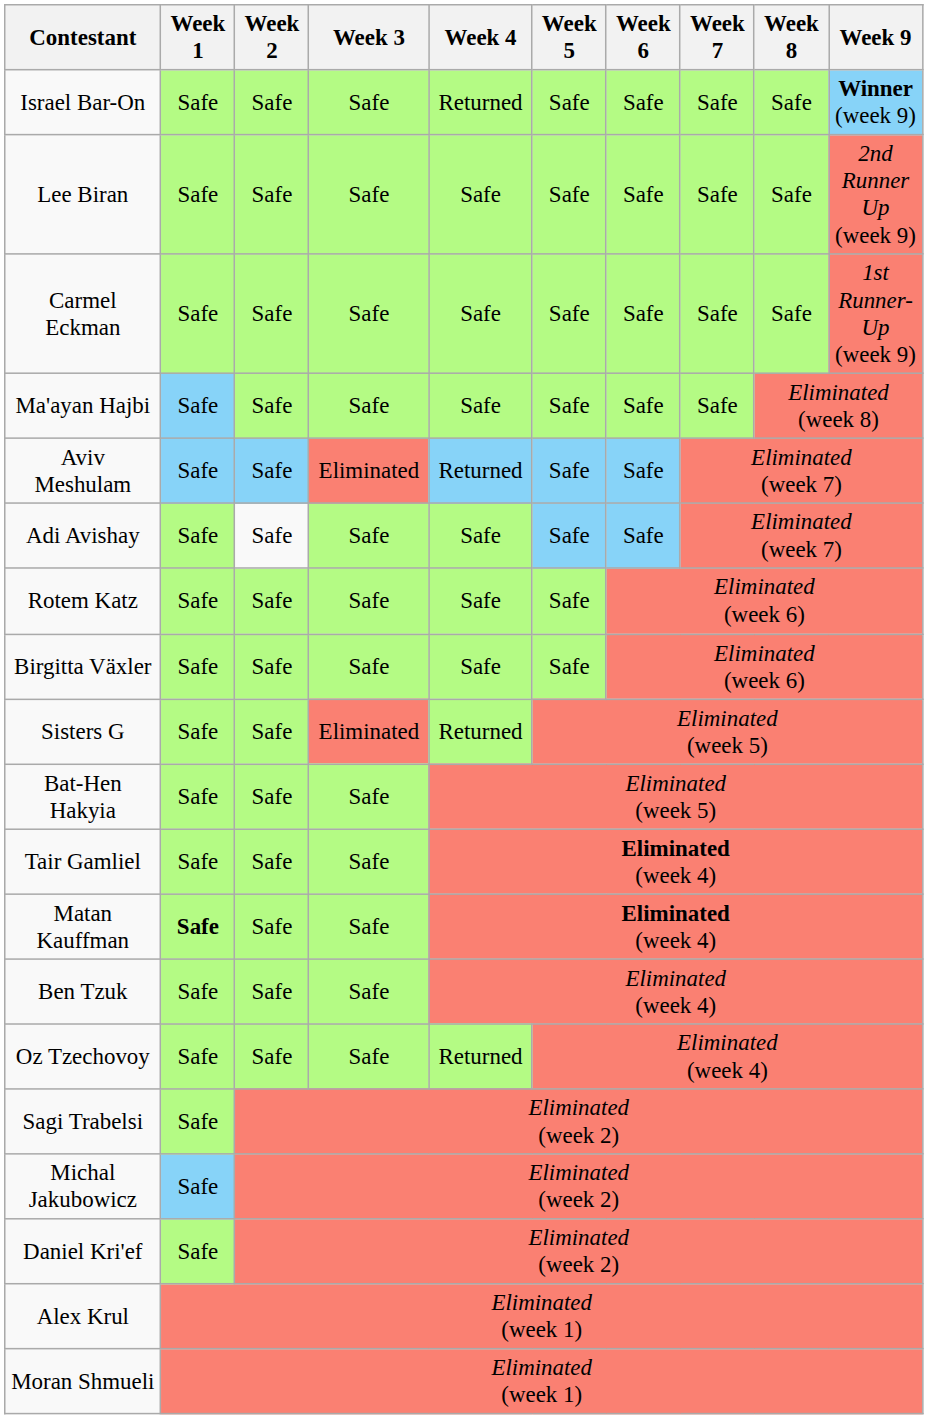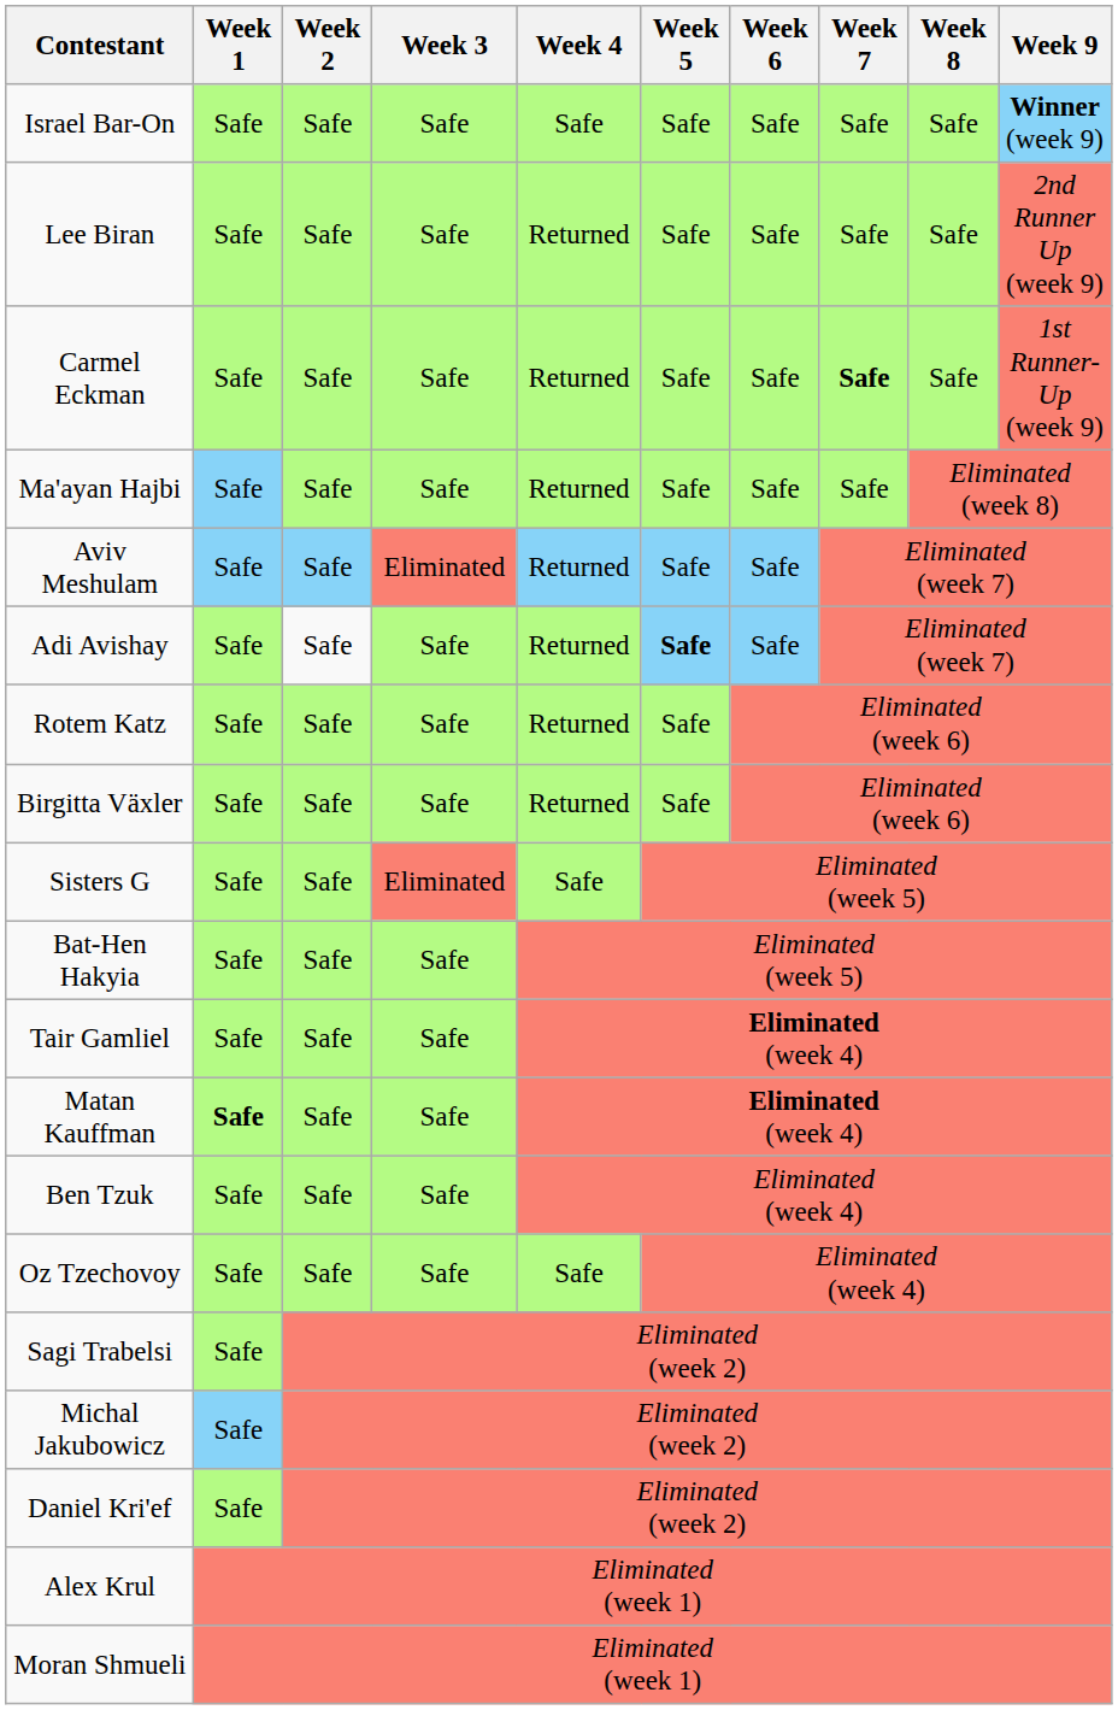 <table class="wikitable" style="text-align:center; font-size:95%">
 <tr>
 <th style="width:15%">Contestant</th>
 <th style="width:7%">Week 1</th>
 <th style="width:7%">Week 2</th>
 <th style="width:7%">Week 3</th>
 <th style="width:7%">Week 4</th>
 <th style="width:7%">Week 5</th>
 <th style="width:7%">Week 6</th>
 <th style="width:7%">Week 7</th>
 <th style="width:7%">Week 8</th>
 <th style="width:7%">Week 9</th>
 </tr>
 <tr>
 <td>Israel Bar-On</td>
 <td style="background:#B4FB84">Safe</td>
 <td style="background:#B4FB84">Safe</td>
 <td style="background:#B4FB84">Safe</td>
-<td style="background:#B4FB84">Returned</td>
+<td style="background:#B4FB84">Safe</td>
 <td style="background:#B4FB84">Safe</td>
 <td style="background:#B4FB84">Safe</td>
 <td style="background:#B4FB84">Safe</td>
 <td style="background:#B4FB84">Safe</td>
 <td style="background:#87D3F8" colspan=2><strong>Winner</strong><br>(week 9)</td>
 </tr>
 <tr>
 <td>Lee Biran</td>
 <td style="background:#B4FB84">Safe</td>
 <td style="background:#B4FB84">Safe</td>
 <td style="background:#B4FB84">Safe</td>
-<td style="background:#B4FB84">Safe</td>
+<td style="background:#B4FB84">Returned</td>
 <td style="background:#B4FB84">Safe</td>
 <td style="background:#B4FB84">Safe</td>
 <td style="background:#B4FB84">Safe</td>
 <td style="background:#B4FB84">Safe</td>
 <td style="background:#FA8072" colspan=2><em>2nd Runner Up</em><br>(week 9)</td>
 </tr>
 <tr>
 <td>Carmel Eckman</td>
 <td style="background:#B4FB84">Safe</td>
 <td style="background:#B4FB84">Safe</td>
 <td style="background:#B4FB84">Safe</td>
+<td style="background:#B4FB84">Returned</td>
 <td style="background:#B4FB84">Safe</td>
 <td style="background:#B4FB84">Safe</td>
-<td style="background:#B4FB84">Safe</td>
-<td style="background:#B4FB84">Safe</td>
+<td style="background:#B4FB84"><strong>Safe</strong></td>
 <td style="background:#B4FB84">Safe</td>
 <td style="background:#FA8072" colspan=2><em>1st Runner-Up</em><br>(week 9)</td>
 </tr>
 <tr>
 <td>Ma'ayan Hajbi</td>
 <td style="background:#87D3F8">Safe</td>
 <td style="background:#B4FB84">Safe</td>
 <td style="background:#B4FB84">Safe</td>
-<td style="background:#B4FB84">Safe</td>
+<td style="background:#B4FB84">Returned</td>
 <td style="background:#B4FB84">Safe</td>
 <td style="background:#B4FB84">Safe</td>
 <td style="background:#B4FB84">Safe</td>
 <td style="background:#FA8072" colspan=3><em>Eliminated</em><br>(week 8)</td>
 </tr>
 <tr>
 <td>Aviv Meshulam</td>
 <td style="background:#87D3F8">Safe</td>
 <td style="background:#87D3F8">Safe</td>
 <td style="background:#FA8072">Eliminated</td>
 <td style="background:#87D3F8">Returned</td>
 <td style="background:#87D3F8">Safe</td>
 <td style="background:#87D3F8">Safe</td>
 <td style="background:#FA8072" colspan=4><em>Eliminated</em><br>(week 7)</td>
 </tr>
 <tr>
 <td>Adi Avishay</td>
 <td style="background:#B4FB84">Safe</td>
 <td style="background:">Safe</td>
 <td style="background:#B4FB84">Safe</td>
-<td style="background:#B4FB84">Safe</td>
-<td style="background:#87D3F8">Safe</td>
+<td style="background:#B4FB84">Returned</td>
+<td style="background:#87D3F8"><strong>Safe</strong></td>
 <td style="background:#87D3F8">Safe</td>
 <td style="background:#FA8072" colspan=4><em>Eliminated</em><br>(week 7)</td>
 </tr>
 <tr>
 <td>Rotem Katz</td>
 <td style="background:#B4FB84">Safe</td>
 <td style="background:#B4FB84">Safe</td>
 <td style="background:#B4FB84">Safe</td>
-<td style="background:#B4FB84">Safe</td>
+<td style="background:#B4FB84">Returned</td>
 <td style="background:#B4FB84">Safe</td>
 <td style="background:#FA8072" colspan=5><em>Eliminated</em><br>(week 6)</td>
 </tr>
 <tr>
 <td>Birgitta Växler</td>
 <td style="background:#B4FB84">Safe</td>
 <td style="background:#B4FB84">Safe</td>
 <td style="background:#B4FB84">Safe</td>
-<td style="background:#B4FB84">Safe</td>
+<td style="background:#B4FB84">Returned</td>
 <td style="background:#B4FB84">Safe</td>
 <td style="background:#FA8072" colspan=5><em>Eliminated</em><br>(week 6)</td>
 </tr>
 <tr>
 <td>Sisters G</td>
 <td style="background:#B4FB84">Safe</td>
 <td style="background:#B4FB84">Safe</td>
 <td style="background:#FA8072">Eliminated</td>
-<td style="background:#B4FB84">Returned</td>
+<td style="background:#B4FB84">Safe</td>
 <td style="background:#FA8072"  colspan=6><em>Eliminated</em><br>(week 5)</td>
 </tr>
 <tr>
 <td>Bat-Hen Hakyia</td>
 <td style="background:#B4FB84">Safe</td>
 <td style="background:#B4FB84">Safe</td>
 <td style="background:#B4FB84">Safe</td>
 <td style="background:#FA8072" colspan=6><em>Eliminated</em><br>(week 5)</td>
 </tr>
 <tr>
 <td>Tair Gamliel</td>
 <td style="background:#B4FB84">Safe</td>
 <td style="background:#B4FB84">Safe</td>
 <td style="background:#B4FB84">Safe</td>
 <td style="background:#FA8072" colspan=7><strong>Eliminated</strong><br>(week 4)</td>
 </tr>
 <tr>
 <td>Matan Kauffman</td>
 <td style="background:#B4FB84"><strong>Safe</strong></td>
 <td style="background:#B4FB84">Safe</td>
 <td style="background:#B4FB84">Safe</td>
 <td style="background:#FA8072" colspan=7><strong>Eliminated</strong><br>(week 4)</td>
 </tr>
 <tr>
 <td>Ben Tzuk</td>
 <td style="background:#B4FB84">Safe</td>
 <td style="background:#B4FB84">Safe</td>
 <td style="background:#B4FB84">Safe</td>
 <td style="background:#FA8072"  colspan=7><em>Eliminated</em><br>(week 4)</td>
 </tr>
 <tr>
 <td>Oz Tzechovoy</td>
 <td style="background:#B4FB84">Safe</td>
 <td style="background:#B4FB84">Safe</td>
 <td style="background:#B4FB84">Safe</td>
-<td style="background:#B4FB84">Returned</td>
+<td style="background:#B4FB84">Safe</td>
 <td style="background:#FA8072" colspan=7><em>Eliminated</em><br>(week 4)</td>
 </tr>
 <tr>
 <td>Sagi Trabelsi</td>
 <td style="background:#B4FB84">Safe</td>
 <td style="background:#FA8072" colspan=8><em>Eliminated</em><br>(week 2)</td>
 </tr>
 <tr>
 <td>Michal Jakubowicz</td>
 <td style="background:#87D3F8">Safe</td>
 <td style="background:#FA8072" colspan=8><em>Eliminated</em><br>(week 2)</td>
 </tr>
 <tr>
 <td>Daniel Kri'ef</td>
 <td style="background:#B4FB84">Safe</td>
 <td style="background:#FA8072" colspan=8><em>Eliminated</em><br>(week 2)</td>
 </tr>
 <tr>
 <td>Alex Krul</td>
 <td style="background:#FA8072"  colspan=9><em>Eliminated</em><br>(week 1)</td>
 </tr>
 <tr>
 <td>Moran Shmueli</td>
 <td style="background:#FA8072"  colspan=9><em>Eliminated</em><br>(week 1)</td>
 </tr>
 </table>
